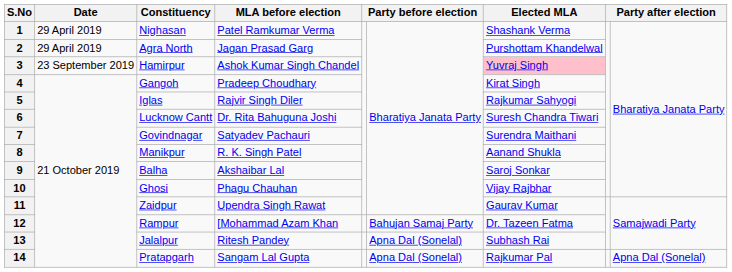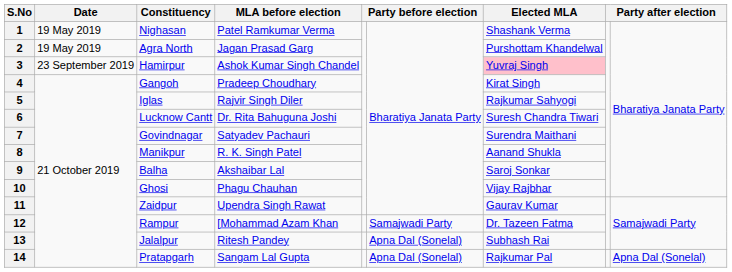 <table class="wikitable sortable">
 <tr>
 <th>S.No</th>
 <th>Date</th>
 <th>Constituency</th>
 <th>MLA before election</th>
 <th colspan="2">Party before election</th>
 <th>Elected MLA</th>
 <th colspan="2">Party after election</th>
 </tr>
 <tr>
 <th>1</th>
-<td>29 April 2019</td>
+<td>19 May 2019</td>
 <td><a href='#'>Nighasan</a></td>
 <td><a href='#'>Patel Ramkumar Verma</a></td>
 <td rowspan="11"></td>
 <td rowspan="11"><a href='#'>Bharatiya Janata Party</a></td>
 <td><a href='#'>Shashank Verma</a></td>
 <td rowspan="10"></td>
 <td rowspan="10"><a href='#'>Bharatiya Janata Party</a></td>
 </tr>
 <tr>
 <th>2</th>
-<td>29 April 2019</td>
+<td>19 May 2019</td>
 <td><a href='#'>Agra North</a></td>
 <td><a href='#'>Jagan Prasad Garg</a></td>
 <td><a href='#'>Purshottam Khandelwal</a></td>
 </tr>
 <tr>
 <th>3</th>
 <td>23 September 2019</td>
 <td><a href='#'>Hamirpur</a></td>
 <td><a href='#'>Ashok Kumar Singh Chandel</a></td>
 <td style="background: pink;"><a href='#'>Yuvraj Singh</a></td>
 </tr>
 <tr>
 <th>4</th>
 <td rowspan="11">21 October 2019</td>
 <td><a href='#'>Gangoh</a></td>
 <td><a href='#'>Pradeep Choudhary</a></td>
 <td><a href='#'>Kirat Singh</a></td>
 </tr>
 <tr>
 <th>5</th>
 <td><a href='#'>Iglas</a></td>
 <td><a href='#'>Rajvir Singh Diler</a></td>
 <td><a href='#'>Rajkumar Sahyogi</a></td>
 </tr>
 <tr>
 <th>6</th>
 <td><a href='#'>Lucknow Cantt</a></td>
 <td><a href='#'>Dr. Rita Bahuguna Joshi</a></td>
 <td><a href='#'>Suresh Chandra Tiwari</a></td>
 </tr>
 <tr>
 <th>7</th>
 <td><a href='#'>Govindnagar</a></td>
 <td><a href='#'>Satyadev Pachauri</a></td>
 <td><a href='#'>Surendra Maithani</a></td>
 </tr>
 <tr>
 <th>8</th>
 <td><a href='#'>Manikpur</a></td>
 <td><a href='#'>R. K. Singh Patel</a></td>
 <td><a href='#'>Aanand Shukla</a></td>
 </tr>
 <tr>
 <th>9</th>
 <td><a href='#'>Balha</a></td>
 <td><a href='#'>Akshaibar Lal</a></td>
 <td><a href='#'>Saroj Sonkar</a></td>
 </tr>
 <tr>
 <th>10</th>
 <td><a href='#'>Ghosi</a></td>
 <td><a href='#'>Phagu Chauhan</a></td>
 <td><a href='#'>Vijay Rajbhar</a></td>
 </tr>
 <tr>
 <th>11</th>
 <td><a href='#'>Zaidpur</a></td>
 <td><a href='#'>Upendra Singh Rawat</a></td>
 <td><a href='#'>Gaurav Kumar</a></td>
 <td rowspan="3"></td>
 <td rowspan="3"><a href='#'>Samajwadi Party</a></td>
 </tr>
 <tr>
 <th>12</th>
 <td><a href='#'>Rampur</a></td>
 <td><a href='#'>[Mohammad Azam Khan</a></td>
 <td></td>
-<td><a href='#'>Bahujan Samaj Party</a></td>
+<td><a href='#'>Samajwadi Party</a></td>
 <td><a href='#'>Dr. Tazeen Fatma</a></td>
 </tr>
 <tr>
 <th>13</th>
 <td><a href='#'>Jalalpur</a></td>
 <td><a href='#'>Ritesh Pandey</a></td>
 <td></td>
 <td><a href='#'>Apna Dal (Sonelal)</a></td>
 <td><a href='#'>Subhash Rai</a></td>
 </tr>
 <tr>
 <th>14</th>
 <td><a href='#'>Pratapgarh</a></td>
 <td><a href='#'>Sangam Lal Gupta</a></td>
 <td></td>
 <td><a href='#'>Apna Dal (Sonelal)</a></td>
 <td><a href='#'>Rajkumar Pal</a></td>
 <td></td>
 <td><a href='#'>Apna Dal (Sonelal)</a></td>
 </tr>
 </table>
